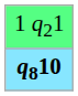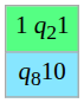 <table class="wikitable" style="text-align:center;">
 <tr>
 <td bgcolor="#55FF83" width="40">1 <em>q</em><sub>2</sub>1</td>
 </tr>
 <tr>
-<td bgcolor="#87E6FF" width="40"><strong><em>q</em><sub>8</sub>10</strong></td>
+<td bgcolor="#87E6FF" width="40"><em>q</em><sub>8</sub>10</td>
 </tr>
 </table>
